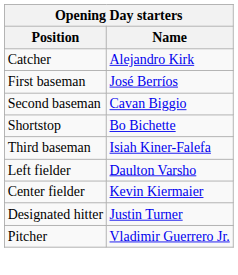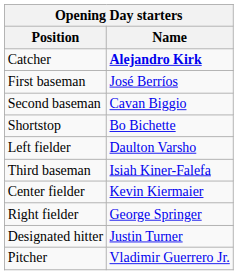 <table class="wikitable" style="text-align:left">
 <tr>
 <th colspan="2">Opening Day starters</th>
 </tr>
 <tr>
 <th>Position</th>
 <th>Name</th>
 </tr>
 <tr>
 <td>Catcher</td>
-<td><a href='#'>Alejandro Kirk</a></td>
+<td><strong><a href='#'>Alejandro Kirk</a></strong></td>
 </tr>
 <tr>
 <td>First baseman</td>
 <td><a href='#'>José Berríos</a></td>
 </tr>
 <tr>
 <td>Second baseman</td>
 <td><a href='#'>Cavan Biggio</a></td>
 </tr>
 <tr>
 <td>Shortstop</td>
 <td><a href='#'>Bo Bichette</a></td>
 </tr>
 <tr>
+<td>Left fielder</td>
+<td><a href='#'>Daulton Varsho</a></td>
+</tr>
+<tr>
 <td>Third baseman</td>
 <td><a href='#'>Isiah Kiner-Falefa</a></td>
 </tr>
 <tr>
-<td>Left fielder</td>
-<td><a href='#'>Daulton Varsho</a></td>
+<td>Center fielder</td>
+<td><a href='#'>Kevin Kiermaier</a></td>
 </tr>
 <tr>
-<td>Center fielder</td>
-<td><a href='#'>Kevin Kiermaier</a></td>
+<td>Right fielder</td>
+<td><a href='#'>George Springer</a></td>
 </tr>
 <tr>
 <td>Designated hitter</td>
 <td><a href='#'>Justin Turner</a></td>
 </tr>
 <tr>
 <td>Pitcher</td>
 <td><a href='#'>Vladimir Guerrero Jr.</a></td>
 </tr>
 </table>
